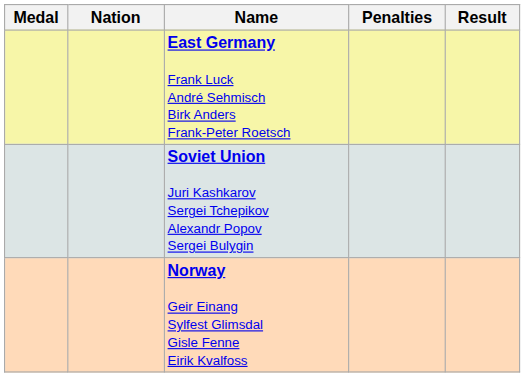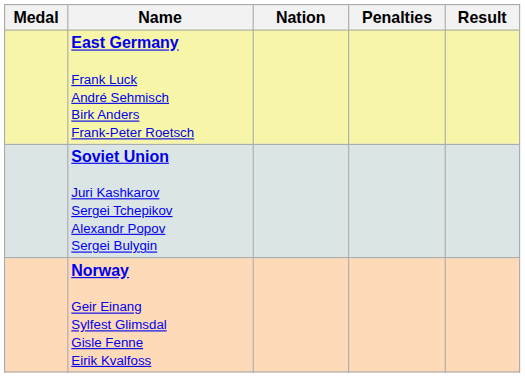 <table class=wikitable style="border:1px solid #AAAAAA;font-size:90%">
 <tr bgcolor="#E4E4E4">
 <th style="border-bottom:1px solid #AAAAAA" width=50>Medal</th>
+<th style="border-bottom:1px solid #AAAAAA" width=160>Name</th>
 <th style="border-bottom:1px solid #AAAAAA" width=80>Nation</th>
-<th style="border-bottom:1px solid #AAAAAA" width=160>Name</th>
 <th style="border-bottom:1px solid #AAAAAA" width=80>Penalties</th>
 <th style="border-bottom:1px solid #AAAAAA" width=60>Result</th>
 </tr>
 <tr bgcolor="#F7F6A8">
 <td align="center"></td>
+<td><strong><a href='#'>East Germany</a></strong><br><br><small><a href='#'>Frank Luck</a><br><a href='#'>André Sehmisch</a><br><a href='#'>Birk Anders</a><br><a href='#'>Frank-Peter Roetsch</a></small></td>
 <td></td>
-<td><strong><a href='#'>East Germany</a></strong><br><br><small><a href='#'>Frank Luck</a><br><a href='#'>André Sehmisch</a><br><a href='#'>Birk Anders</a><br><a href='#'>Frank-Peter Roetsch</a></small></td>
 <td align="center"></td>
 <td align="center"></td>
 </tr>
 <tr bgcolor="#DCE5E5">
 <td align="center"></td>
+<td><strong><a href='#'>Soviet Union</a></strong><br><br><small><a href='#'>Juri Kashkarov</a><br><a href='#'>Sergei Tchepikov</a><br><a href='#'>Alexandr Popov</a><br><a href='#'>Sergei Bulygin</a></small></td>
 <td></td>
-<td><strong><a href='#'>Soviet Union</a></strong><br><br><small><a href='#'>Juri Kashkarov</a><br><a href='#'>Sergei Tchepikov</a><br><a href='#'>Alexandr Popov</a><br><a href='#'>Sergei Bulygin</a></small></td>
 <td align="center"></td>
 <td align="right"></td>
 </tr>
 <tr bgcolor="#FFDAB9">
 <td align="center"></td>
+<td><strong><a href='#'>Norway</a></strong><br><br><small><a href='#'>Geir Einang</a><br><a href='#'>Sylfest Glimsdal</a><br><a href='#'>Gisle Fenne</a><br><a href='#'>Eirik Kvalfoss</a></small></td>
 <td></td>
-<td><strong><a href='#'>Norway</a></strong><br><br><small><a href='#'>Geir Einang</a><br><a href='#'>Sylfest Glimsdal</a><br><a href='#'>Gisle Fenne</a><br><a href='#'>Eirik Kvalfoss</a></small></td>
 <td align="center"></td>
 <td align="right"></td>
 </tr>
 </table>
